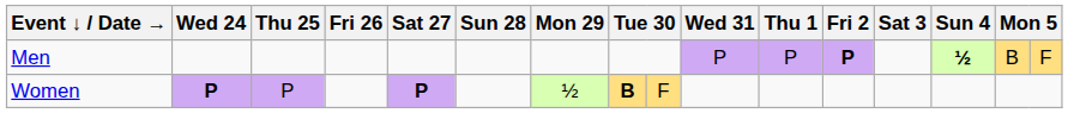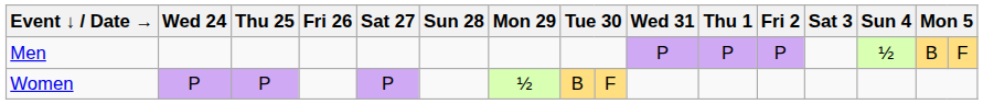 <table class="wikitable" style="margin:0.5em auto; font-size:90%; line-height:1.25em;">
 <tr style="text-align:center;">
 <th>Event ↓ / Date →</th>
 <th>Wed 24</th>
 <th>Thu 25</th>
 <th>Fri 26</th>
 <th>Sat 27</th>
 <th>Sun 28</th>
 <th>Mon 29</th>
 <th colspan=2>Tue 30</th>
 <th>Wed 31</th>
 <th>Thu 1</th>
 <th>Fri 2</th>
 <th>Sat 3</th>
 <th>Sun 4</th>
 <th colspan=2>Mon 5</th>
 </tr>
 <tr style="text-align:center;">
 <td style="text-align:left;"><a href='#'>Men</a></td>
 <td></td>
 <td></td>
 <td></td>
 <td></td>
 <td></td>
 <td></td>
 <td colspan=2></td>
 <td style="background-color:#D0A9F5;">P</td>
 <td style="background-color:#D0A9F5;">P</td>
-<td style="background-color:#D0A9F5;"><strong>P</strong></td>
+<td style="background-color:#D0A9F5;">P</td>
 <td></td>
-<td style="background-color:#D9FFB2;"><strong>½</strong></td>
+<td style="background-color:#D9FFB2;">½</td>
 <td style="background-color:#FFDF80;">B</td>
 <td style="background-color:#FFDF80;">F</td>
 </tr>
 <tr style="text-align:center;">
 <td style="text-align:left;"><a href='#'>Women</a></td>
-<td style="background-color:#D0A9F5;"><strong>P</strong></td>
+<td style="background-color:#D0A9F5;">P</td>
 <td style="background-color:#D0A9F5;">P</td>
 <td></td>
-<td style="background-color:#D0A9F5;"><strong>P</strong></td>
+<td style="background-color:#D0A9F5;">P</td>
 <td></td>
 <td style="background-color:#D9FFB2;">½</td>
-<td style="background-color:#FFDF80;"><strong>B</strong></td>
+<td style="background-color:#FFDF80;">B</td>
 <td style="background-color:#FFDF80;">F</td>
 <td></td>
 <td></td>
 <td></td>
 <td></td>
 <td></td>
 <td colspan="2"></td>
 </tr>
 </table>
